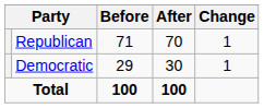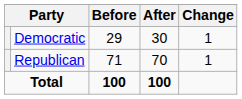 <table class="wikitable" style="text-align:center;">
 <tr>
 </tr>
 <tr>
 <th colspan=2>Party</th>
 <th>Before</th>
 <th>After</th>
 <th>Change</th>
 </tr>
 <tr>
 <th style="background-color:"></th>
-<td style="text-align:left;"><a href='#'>Republican</a></td>
-<td>71</td>
-<td>70</td>
+<td style="text-align:left;"><a href='#'>Democratic</a></td>
+<td>29</td>
+<td>30</td>
 <td> 1</td>
 </tr>
 <tr>
 <th style="background-color:"></th>
-<td style="text-align:left;"><a href='#'>Democratic</a></td>
-<td>29</td>
-<td>30</td>
+<td style="text-align:left;"><a href='#'>Republican</a></td>
+<td>71</td>
+<td>70</td>
 <td> 1</td>
 </tr>
 <tr>
 <td colspan=2><strong>Total</strong></td>
 <td><strong>100</strong></td>
 <td><strong>100</strong></td>
 <td></td>
 </tr>
 </table>
